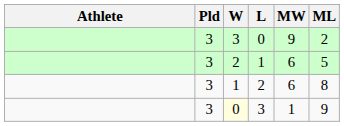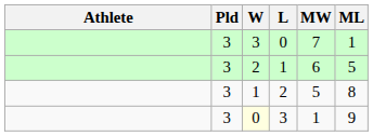 <table class="wikitable" style="text-align:center">
 <tr>
 <th width=200>Athlete</th>
 <th width=20>Pld</th>
 <th width=20>W</th>
 <th width=20>L</th>
 <th width=20>MW</th>
 <th width=20>ML</th>
 </tr>
 <tr bgcolor="ccffcc">
 <td style="text-align:left"></td>
 <td>3</td>
 <td>3</td>
 <td>0</td>
-<td>9</td>
-<td>2</td>
+<td>7</td>
+<td>1</td>
 </tr>
 <tr bgcolor="ccffcc">
 <td style="text-align:left"></td>
 <td>3</td>
 <td>2</td>
 <td>1</td>
 <td>6</td>
 <td>5</td>
 </tr>
 <tr>
 <td style="text-align:left"></td>
 <td>3</td>
 <td>1</td>
 <td>2</td>
-<td>6</td>
+<td>5</td>
 <td>8</td>
 </tr>
 <tr>
 <td style="text-align:left"></td>
 <td>3</td>
 <td style="background: lightyellow;">0</td>
 <td>3</td>
 <td>1</td>
 <td>9</td>
 </tr>
 </table>
